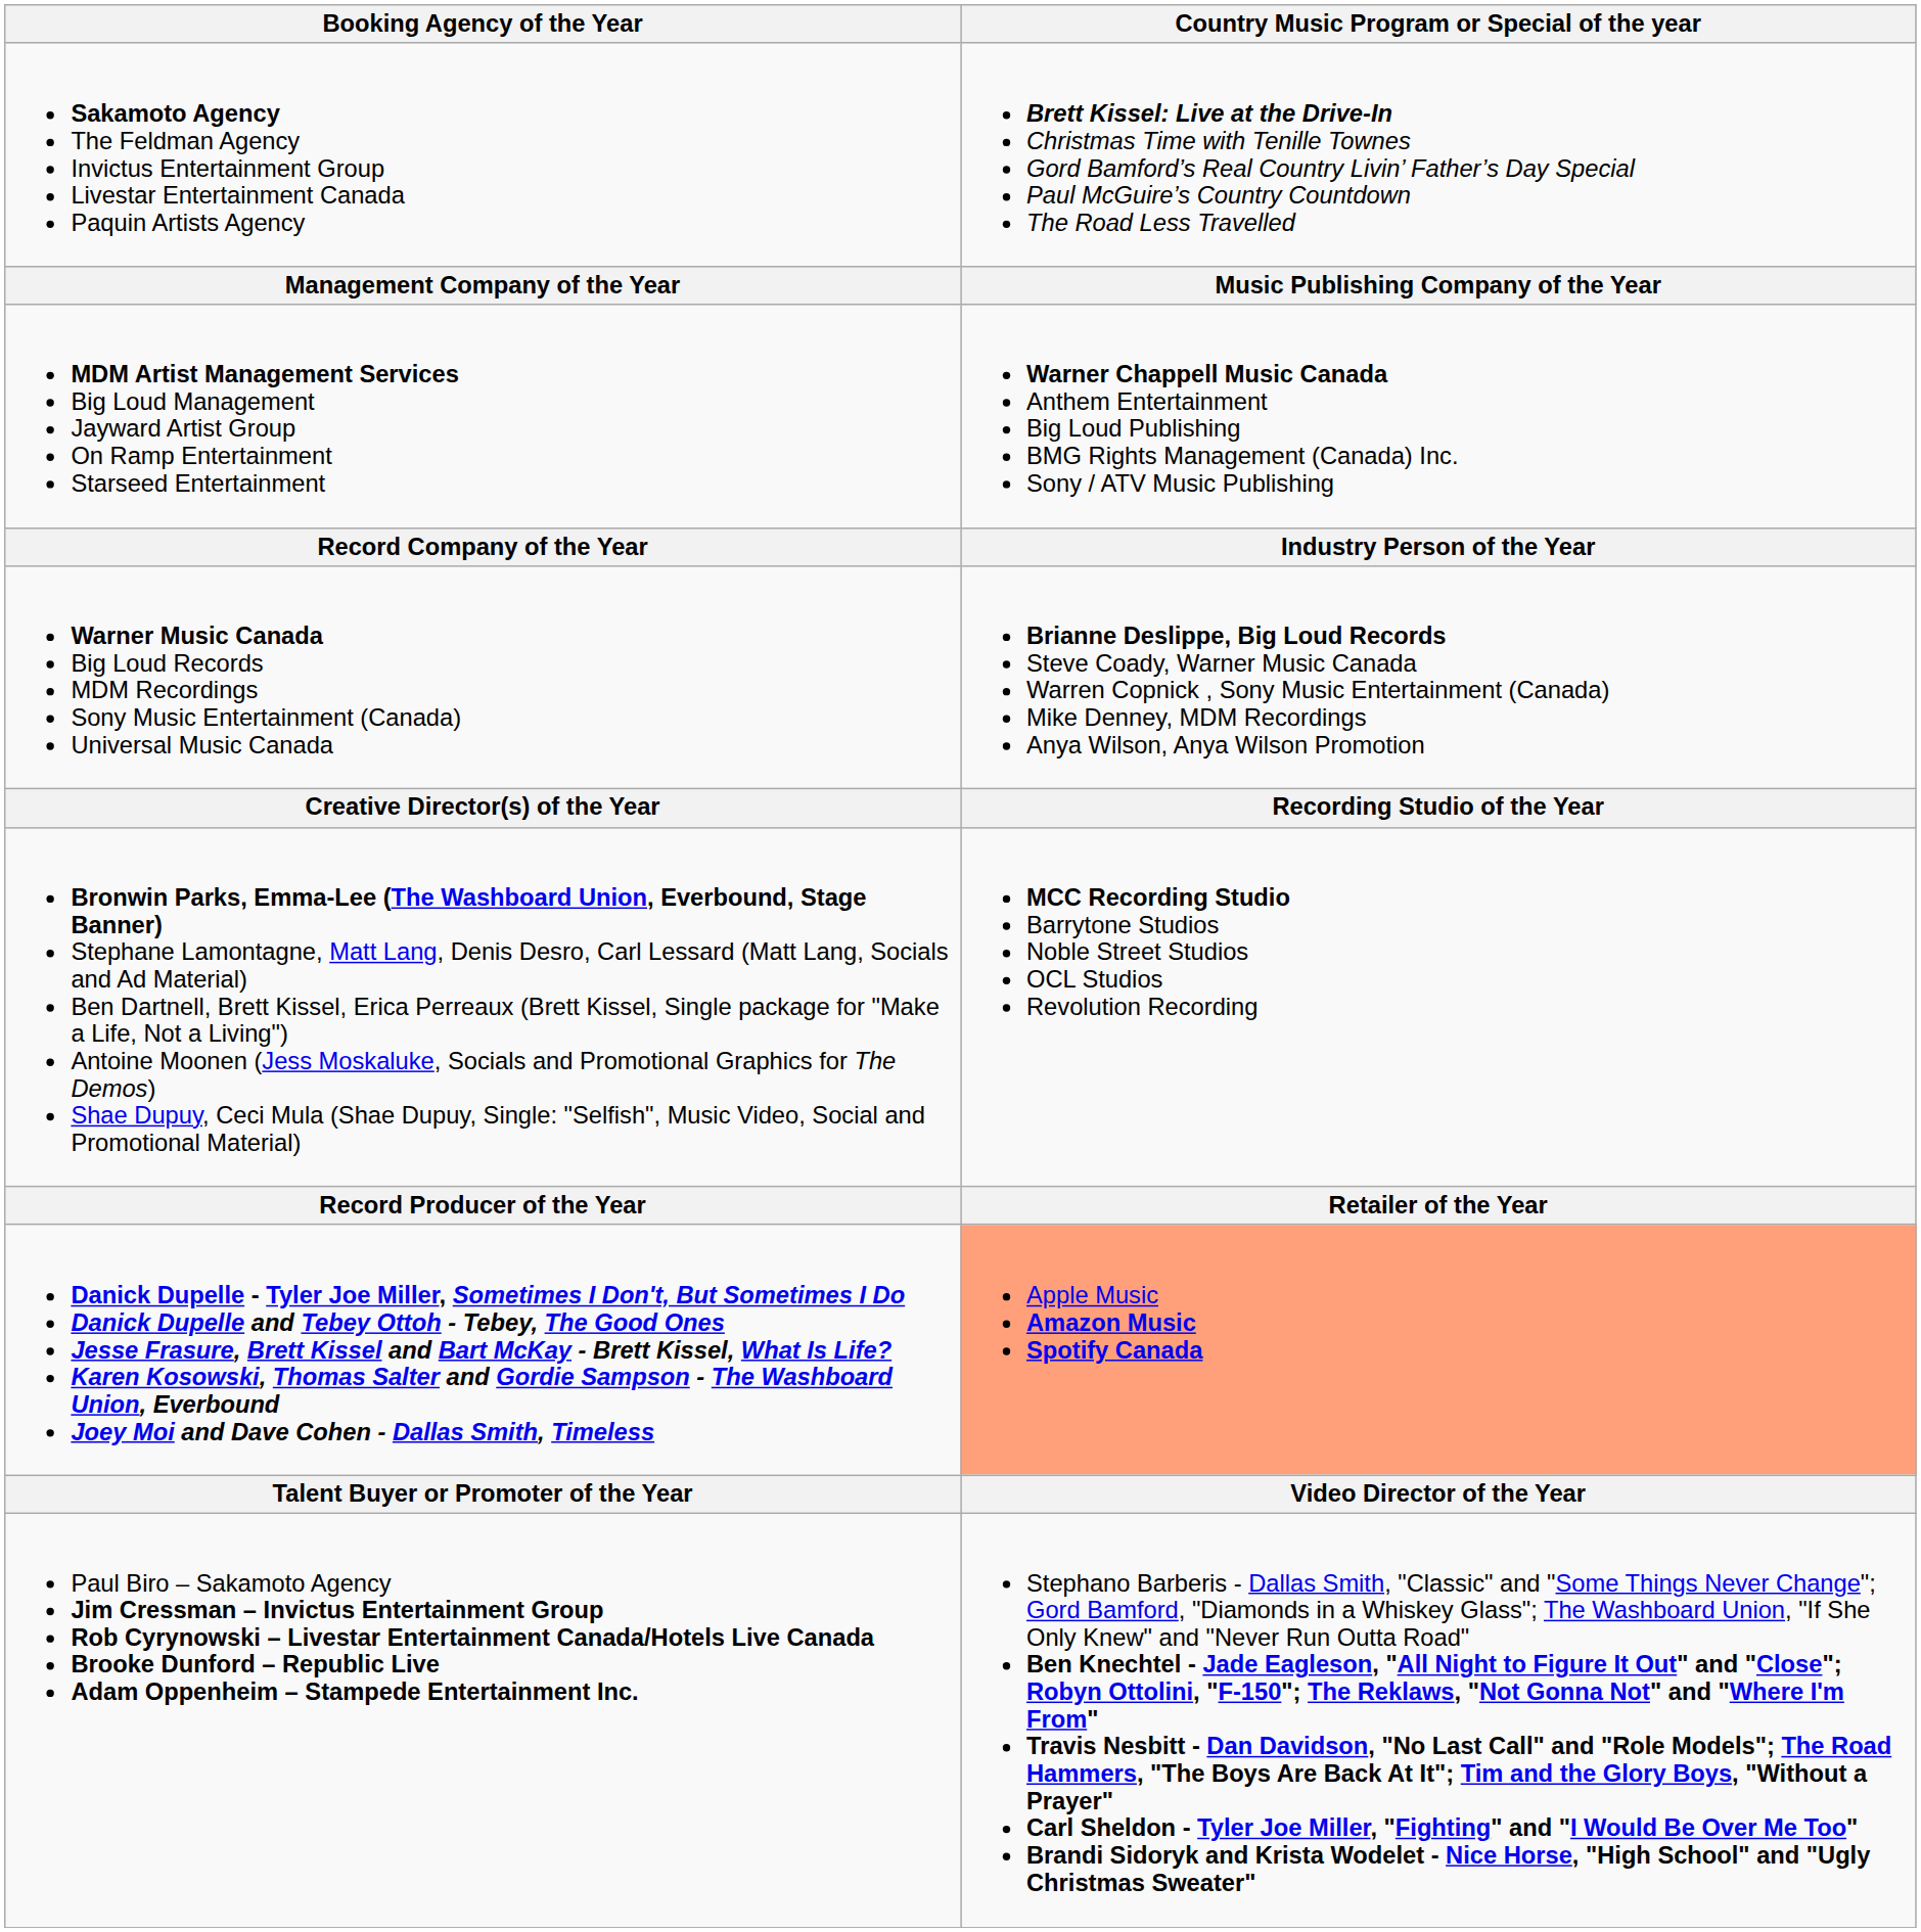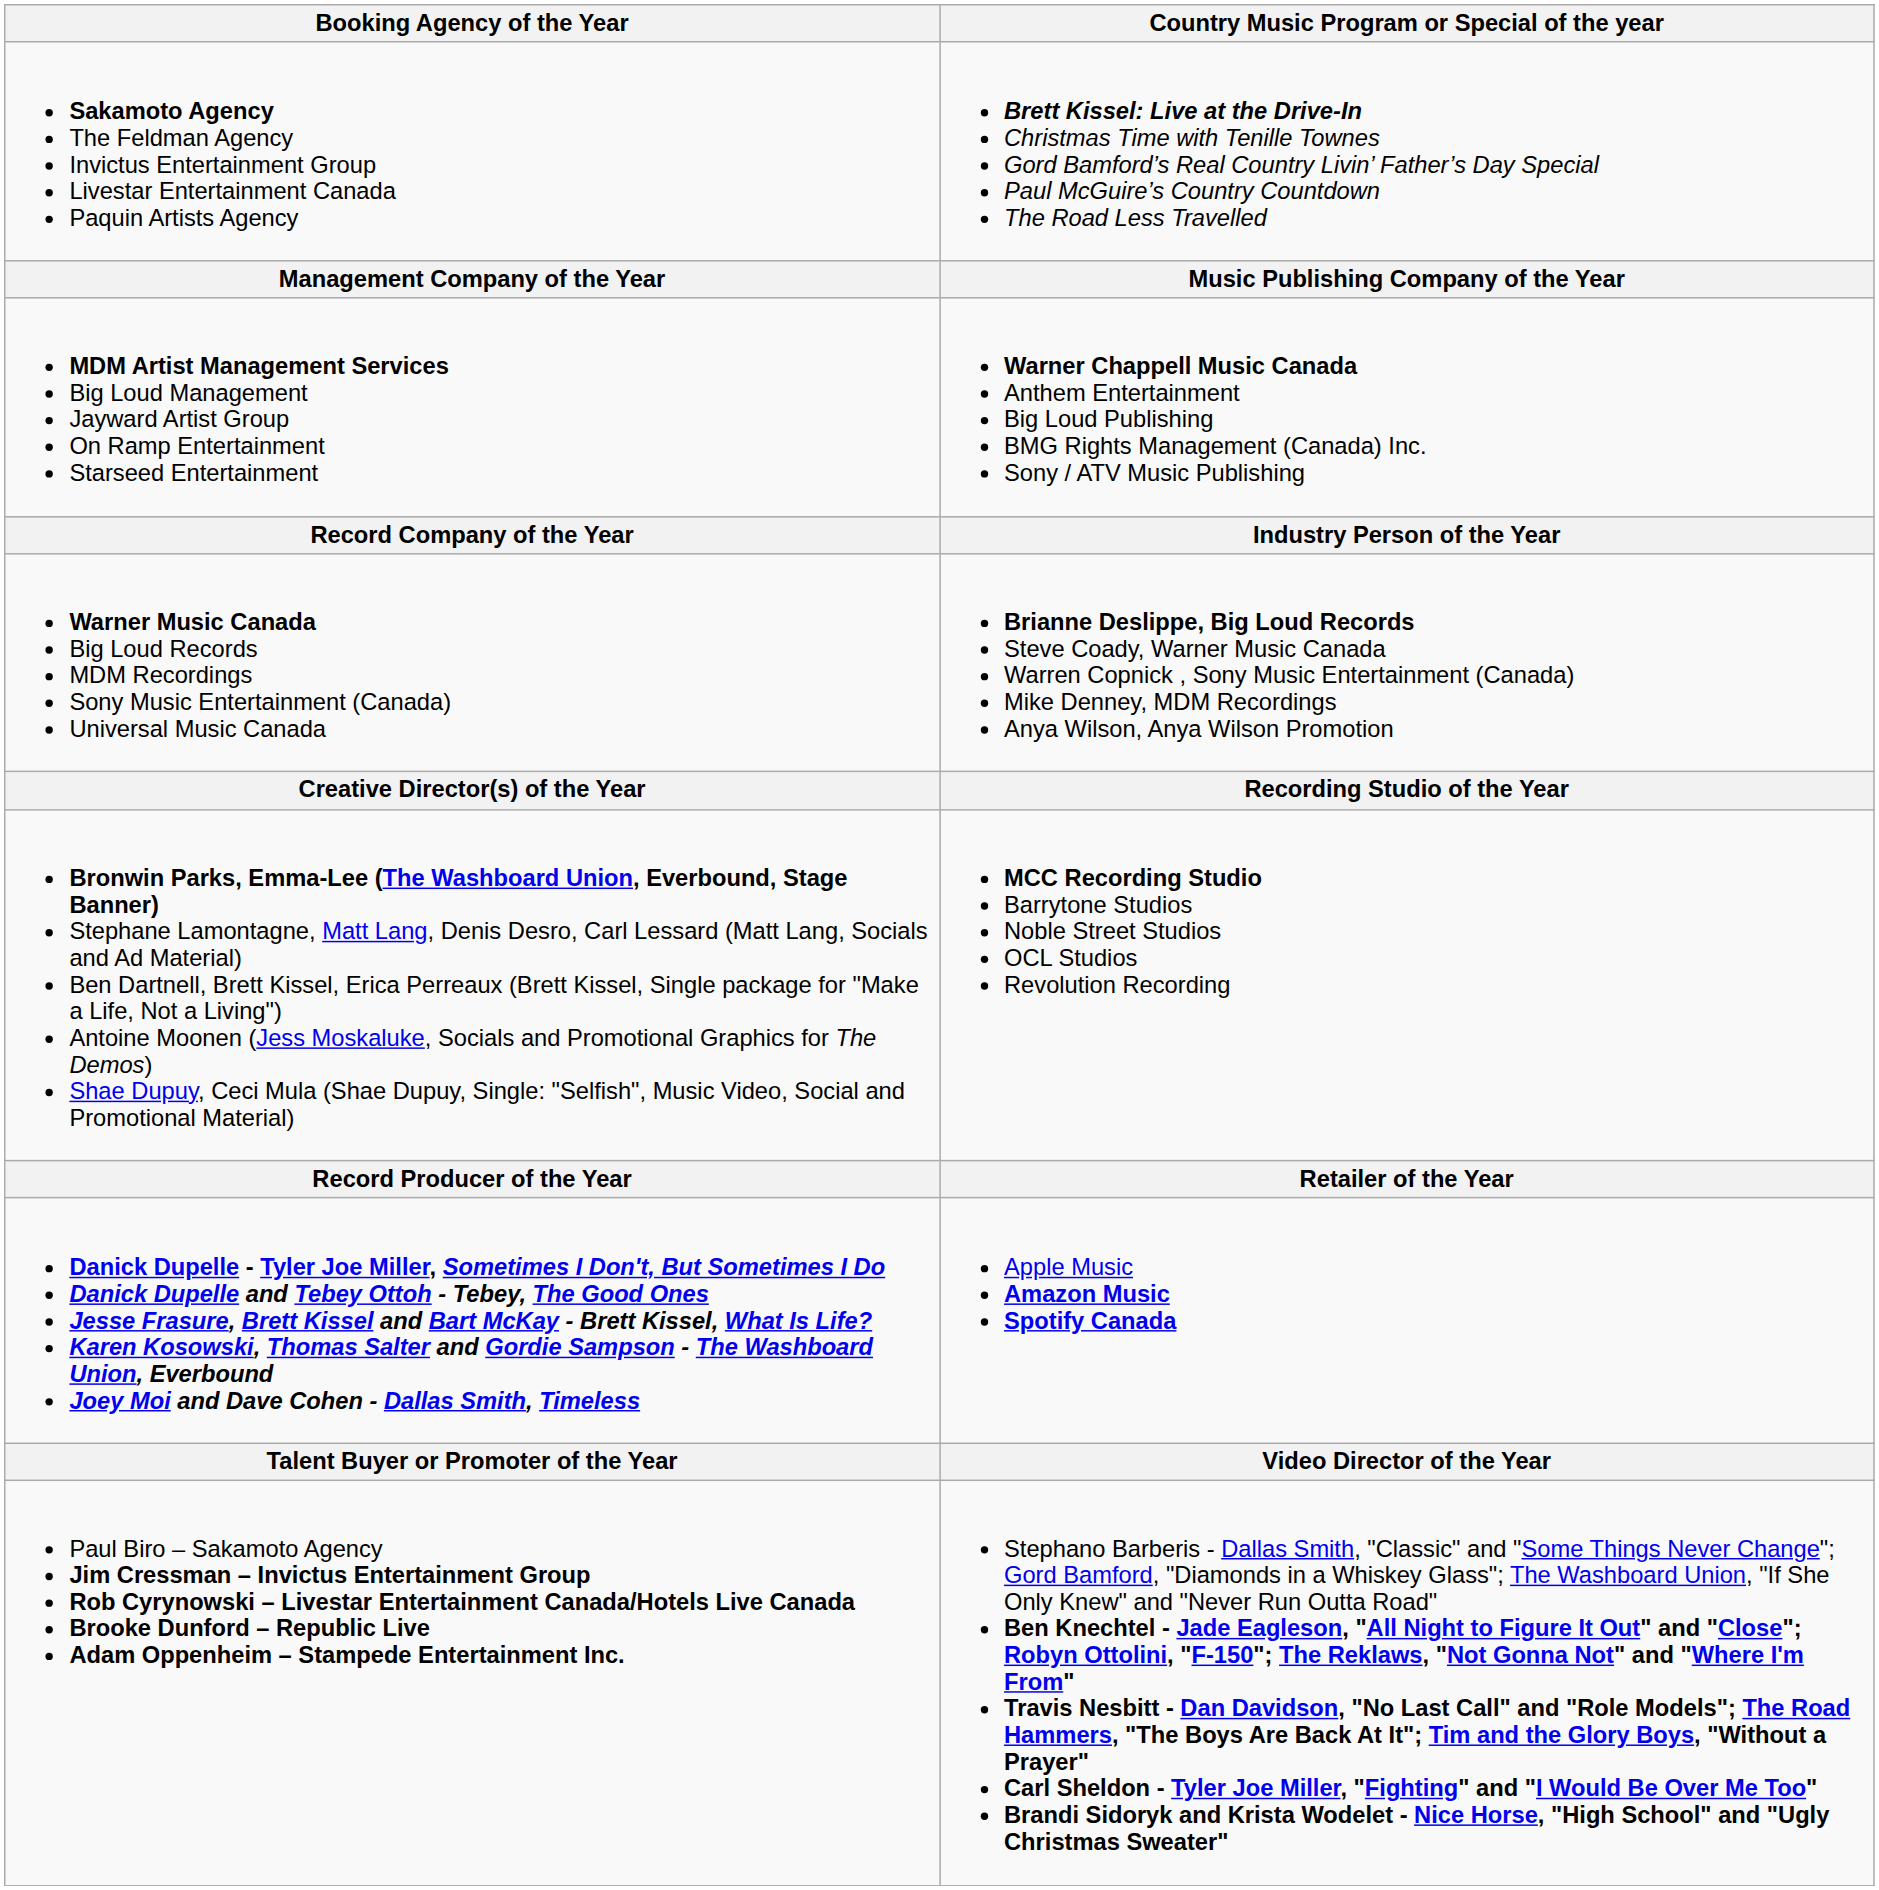 <table class="wikitable" style="width:100%">
 <tr>
 <th style="width:50%">Booking Agency of the Year</th>
 <th style="width:50%">Country Music Program or Special of the year</th>
 </tr>
 <tr>
 <td valign="top"><br><ul><li> <strong>Sakamoto Agency</strong></li><li>The Feldman Agency</li><li>Invictus Entertainment Group</li><li>Livestar Entertainment Canada</li><li>Paquin Artists Agency</li></ul></td>
 <td valign="top"><br><ul><li> <strong><em>Brett Kissel: Live at the Drive-In</em></strong></li><li><em>Christmas Time with Tenille Townes</em></li><li><em>Gord Bamford’s Real Country Livin’ Father’s Day Special</em></li><li><em>Paul McGuire’s Country Countdown</em></li><li><em>The Road Less Travelled</em></li></ul></td>
 </tr>
 <tr>
 <th style="width:50%">Management Company of the Year</th>
 <th style="width:50%">Music Publishing Company of the Year</th>
 </tr>
 <tr>
 <td valign="top"><br><ul><li> <strong>MDM Artist Management Services</strong></li><li>Big Loud Management</li><li>Jayward Artist Group</li><li>On Ramp Entertainment</li><li>Starseed Entertainment</li></ul></td>
 <td valign="top"><br><ul><li> <strong>Warner Chappell Music Canada</strong></li><li>Anthem Entertainment</li><li>Big Loud Publishing</li><li>BMG Rights Management (Canada) Inc.</li><li>Sony / ATV Music Publishing</li></ul></td>
 </tr>
 <tr>
 <th style="width:50%">Record Company of the Year</th>
 <th style="width:50%">Industry Person of the Year</th>
 </tr>
 <tr>
 <td valign="top"><br><ul><li> <strong>Warner Music Canada</strong></li><li>Big Loud Records</li><li>MDM Recordings</li><li>Sony Music Entertainment (Canada)</li><li>Universal Music Canada</li></ul></td>
 <td valign="top"><br><ul><li> <strong>Brianne Deslippe, Big Loud Records</strong></li><li>Steve Coady, Warner Music Canada</li><li>Warren Copnick , Sony Music Entertainment (Canada)</li><li>Mike Denney, MDM Recordings</li><li>Anya Wilson, Anya Wilson Promotion</li></ul></td>
 </tr>
 <tr>
 <th style="width:50%">Creative Director(s) of the Year</th>
 <th style="width:50%">Recording Studio of the Year</th>
 </tr>
 <tr>
 <td valign="top"><br><ul><li> <strong>Bronwin Parks, Emma-Lee (<a href='#'>The Washboard Union</a>, Everbound, Stage Banner)</strong></li><li>Stephane Lamontagne, <a href='#'>Matt Lang</a>, Denis Desro, Carl Lessard (Matt Lang, Socials and Ad Material)</li><li>Ben Dartnell, Brett Kissel, Erica Perreaux (Brett Kissel, Single package for "Make a Life, Not a Living")</li><li>Antoine Moonen (<a href='#'>Jess Moskaluke</a>, Socials and Promotional Graphics for <em>The Demos</em>)</li><li><a href='#'>Shae Dupuy</a>, Ceci Mula (Shae Dupuy, Single: "Selfish", Music Video, Social and Promotional Material)</li></ul></td>
 <td valign="top"><br><ul><li> <strong>MCC Recording Studio</strong></li><li>Barrytone Studios</li><li>Noble Street Studios</li><li>OCL Studios</li><li>Revolution Recording</li></ul></td>
 </tr>
 <tr>
 <th style="width:50%">Record Producer of the Year</th>
 <th style="width:50%">Retailer of the Year</th>
 </tr>
 <tr>
 <td valign="top"><br><ul><li> <strong><a href='#'>Danick Dupelle</a> - <a href='#'>Tyler Joe Miller</a>, <em><a href='#'>Sometimes I Don't, But Sometimes I Do</a><strong><em></li><li><a href='#'>Danick Dupelle</a> and <a href='#'>Tebey Ottoh</a> - Tebey, </em><a href='#'>The Good Ones</a><em></li><li><a href='#'>Jesse Frasure</a>, <a href='#'>Brett Kissel</a> and <a href='#'>Bart McKay</a> - Brett Kissel, </em><a href='#'>What Is Life?</a><em></li><li><a href='#'>Karen Kosowski</a>, <a href='#'>Thomas Salter</a> and <a href='#'>Gordie Sampson</a> - <a href='#'>The Washboard Union</a>, </em>Everbound<em></li><li><a href='#'>Joey Moi</a> and Dave Cohen - <a href='#'>Dallas Smith</a>, </em><a href='#'>Timeless</a><em></li></ul></td>
-<td valign="top" style="background: lightsalmon;"><br><ul><li> </strong><a href='#'>Apple Music</a><strong></li><li><a href='#'>Amazon Music</a></li><li><a href='#'>Spotify Canada</a></li></ul></td>
+<td valign="top"><br><ul><li> </strong><a href='#'>Apple Music</a><strong></li><li><a href='#'>Amazon Music</a></li><li><a href='#'>Spotify Canada</a></li></ul></td>
 </tr>
 <tr>
 <th style="width:50%">Talent Buyer or Promoter of the Year</th>
 <th style="width:50%">Video Director of the Year</th>
 </tr>
 <tr>
 <td valign="top"><br><ul><li> </strong>Paul Biro – Sakamoto Agency<strong></li><li>Jim Cressman – Invictus Entertainment Group</li><li>Rob Cyrynowski – Livestar Entertainment Canada/Hotels Live Canada</li><li>Brooke Dunford – Republic Live</li><li>Adam Oppenheim – Stampede Entertainment Inc.</li></ul></td>
 <td valign="top"><br><ul><li> </strong>Stephano Barberis - <a href='#'>Dallas Smith</a>, "Classic" and "<a href='#'>Some Things Never Change</a>"; <a href='#'>Gord Bamford</a>, "Diamonds in a Whiskey Glass"; <a href='#'>The Washboard Union</a>, "If She Only Knew" and "Never Run Outta Road"<strong></li><li>Ben Knechtel - <a href='#'>Jade Eagleson</a>, "<a href='#'>All Night to Figure It Out</a>" and "<a href='#'>Close</a>"; <a href='#'>Robyn Ottolini</a>, "<a href='#'>F-150</a>"; <a href='#'>The Reklaws</a>, "<a href='#'>Not Gonna Not</a>" and "<a href='#'>Where I'm From</a>"</li><li>Travis Nesbitt - <a href='#'>Dan Davidson</a>, "No Last Call" and "Role Models"; <a href='#'>The Road Hammers</a>, "The Boys Are Back At It"; <a href='#'>Tim and the Glory Boys</a>, "Without a Prayer"</li><li>Carl Sheldon - <a href='#'>Tyler Joe Miller</a>, "<a href='#'>Fighting</a>" and "<a href='#'>I Would Be Over Me Too</a>"</li><li>Brandi Sidoryk and Krista Wodelet - <a href='#'>Nice Horse</a>, "High School" and "Ugly Christmas Sweater"</li></ul></td>
 </tr>
 </table>
